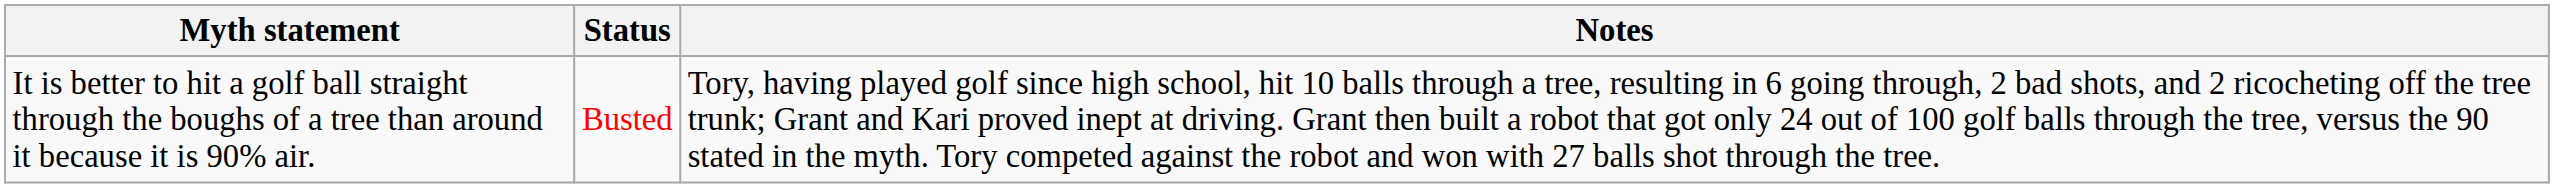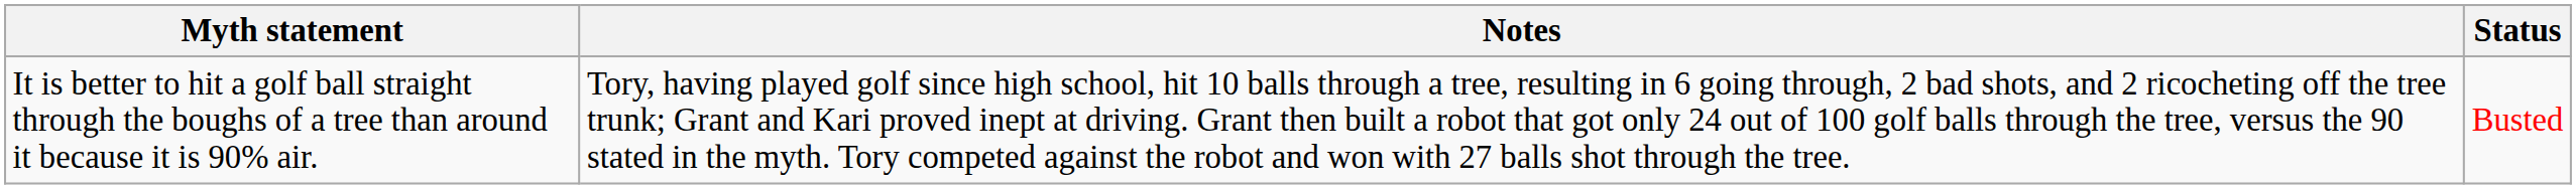 <table class="wikitable plainrowheaders">
 <tr>
 <th>Myth statement</th>
+<th>Notes</th>
 <th>Status</th>
-<th>Notes</th>
 </tr>
 <tr>
 <td>It is better to hit a golf ball straight through the boughs of a tree than around it because it is 90% air.</td>
+<td>Tory, having played golf since high school, hit 10 balls through a tree, resulting in 6 going through, 2 bad shots, and 2 ricocheting off the tree trunk; Grant and Kari proved inept at driving. Grant then built a robot that got only 24 out of 100 golf balls through the tree, versus the 90 stated in the myth. Tory competed against the robot and won with 27 balls shot through the tree.</td>
 <td style="color:red">Busted</td>
-<td>Tory, having played golf since high school, hit 10 balls through a tree, resulting in 6 going through, 2 bad shots, and 2 ricocheting off the tree trunk; Grant and Kari proved inept at driving. Grant then built a robot that got only 24 out of 100 golf balls through the tree, versus the 90 stated in the myth. Tory competed against the robot and won with 27 balls shot through the tree.</td>
 </tr>
 </table>
